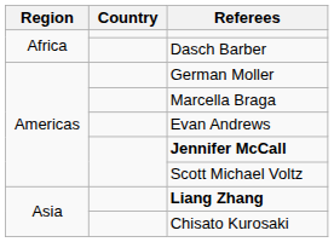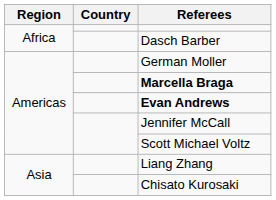 <table class="wikitable" style="width: 330px;">
 <tr>
 <th>Region</th>
 <th>Country</th>
 <th>Referees</th>
 </tr>
 <tr>
 <td align=center rowspan=2>Africa</td>
 <td></td>
 <td></td>
 </tr>
 <tr>
 <td></td>
 <td>Dasch Barber</td>
 </tr>
 <tr>
 <td align=center rowspan=5>Americas</td>
 <td></td>
 <td>German Moller</td>
 </tr>
 <tr>
 <td></td>
-<td>Marcella Braga</td>
+<td><strong>Marcella Braga</strong></td>
 </tr>
 <tr>
 <td></td>
-<td>Evan Andrews</td>
+<td><strong>Evan Andrews</strong></td>
 </tr>
 <tr>
 <td align=center rowspan=2></td>
-<td><strong>Jennifer McCall</strong></td>
+<td>Jennifer McCall</td>
 </tr>
 <tr>
 <td>Scott Michael Voltz</td>
 </tr>
 <tr>
 <td align=center rowspan=2>Asia</td>
 <td></td>
-<td><strong>Liang Zhang</strong></td>
+<td>Liang Zhang</td>
 </tr>
 <tr>
 <td></td>
 <td>Chisato Kurosaki</td>
 </tr>
 </table>
